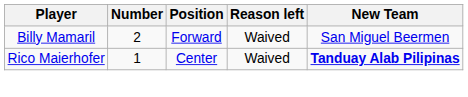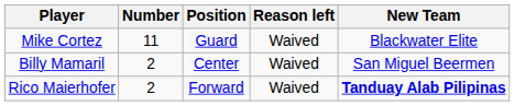 <table class="wikitable sortable sortable">
 <tr>
 <th>Player</th>
 <th>Number</th>
 <th>Position</th>
 <th>Reason left</th>
 <th>New Team</th>
 </tr>
 <tr style="text-align: center">
+<td><a href='#'>Mike Cortez</a></td>
+<td>11</td>
+<td><a href='#'>Guard</a></td>
+<td>Waived</td>
+<td><a href='#'>Blackwater Elite</a></td>
+</tr>
+<tr style="text-align: center">
 <td><a href='#'>Billy Mamaril</a></td>
 <td>2</td>
-<td><a href='#'>Forward</a></td>
+<td><a href='#'>Center</a></td>
 <td>Waived</td>
 <td><a href='#'>San Miguel Beermen</a></td>
 </tr>
 <tr style="text-align: center">
 <td><a href='#'>Rico Maierhofer</a></td>
-<td>1</td>
-<td><a href='#'>Center</a></td>
+<td>2</td>
+<td><a href='#'>Forward</a></td>
 <td>Waived</td>
 <td><strong><a href='#'>Tanduay Alab Pilipinas</a></strong></td>
 </tr>
 </table>
